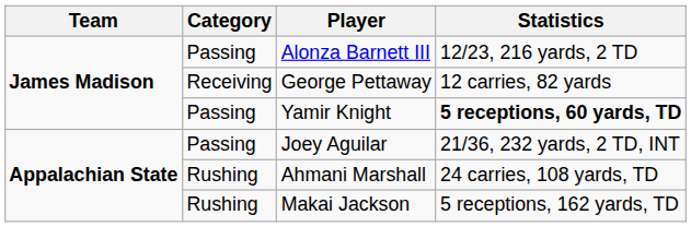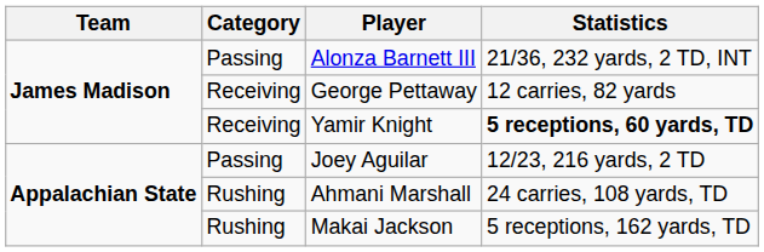 <table class="wikitable" style="float: right;">
 <tr>
 <th>Team</th>
 <th>Category</th>
 <th>Player</th>
 <th>Statistics</th>
 </tr>
 <tr>
 <td rowspan=3><strong>James Madison</strong></td>
 <td>Passing</td>
 <td><a href='#'>Alonza Barnett III</a></td>
-<td>12/23, 216 yards, 2 TD</td>
+<td>21/36, 232 yards, 2 TD, INT</td>
 </tr>
 <tr>
 <td>Receiving</td>
 <td>George Pettaway</td>
 <td>12 carries, 82 yards</td>
 </tr>
 <tr>
-<td>Passing</td>
+<td>Receiving</td>
 <td>Yamir Knight</td>
 <td><strong>5 receptions, 60 yards, TD</strong></td>
 </tr>
 <tr>
 <td rowspan=3><strong>Appalachian State</strong></td>
 <td>Passing</td>
 <td>Joey Aguilar</td>
-<td>21/36, 232 yards, 2 TD, INT</td>
+<td>12/23, 216 yards, 2 TD</td>
 </tr>
 <tr>
 <td>Rushing</td>
 <td>Ahmani Marshall</td>
 <td>24 carries, 108 yards, TD</td>
 </tr>
 <tr>
 <td>Rushing</td>
 <td>Makai Jackson</td>
 <td>5 receptions, 162 yards, TD</td>
 </tr>
 </table>
